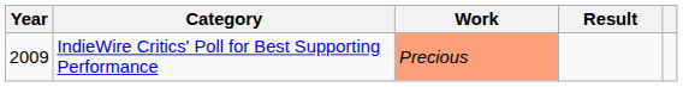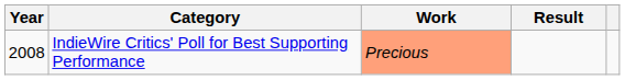 <table class="wikitable">
 <tr>
 <th scope="col" style="width:1em;">Year</th>
 <th scope="col" style="width:44em;">Category</th>
 <th scope="col" style="width:18em;">Work</th>
 <th scope="col" style="width:10em;">Result</th>
 <th class="unsortable" style="width:1em;"></th>
 </tr>
 <tr>
-<td>2009</td>
+<td>2008</td>
 <td><a href='#'>IndieWire Critics' Poll for Best Supporting Performance</a> </td>
 <td style="background: lightsalmon;"><em>Precious</em></td>
 <td></td>
 <td></td>
 </tr>
 </table>
